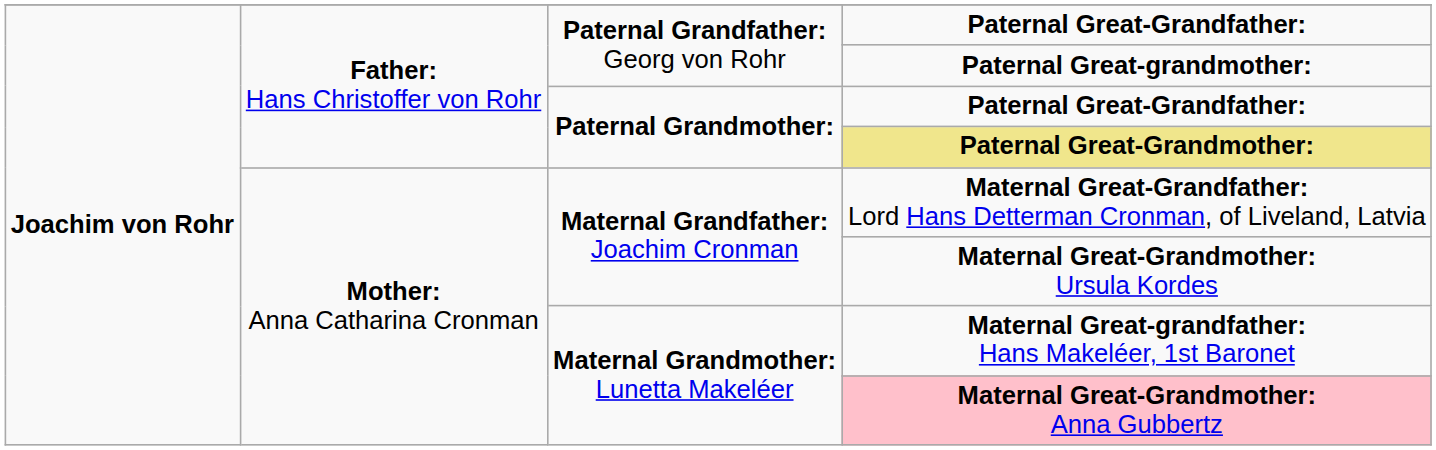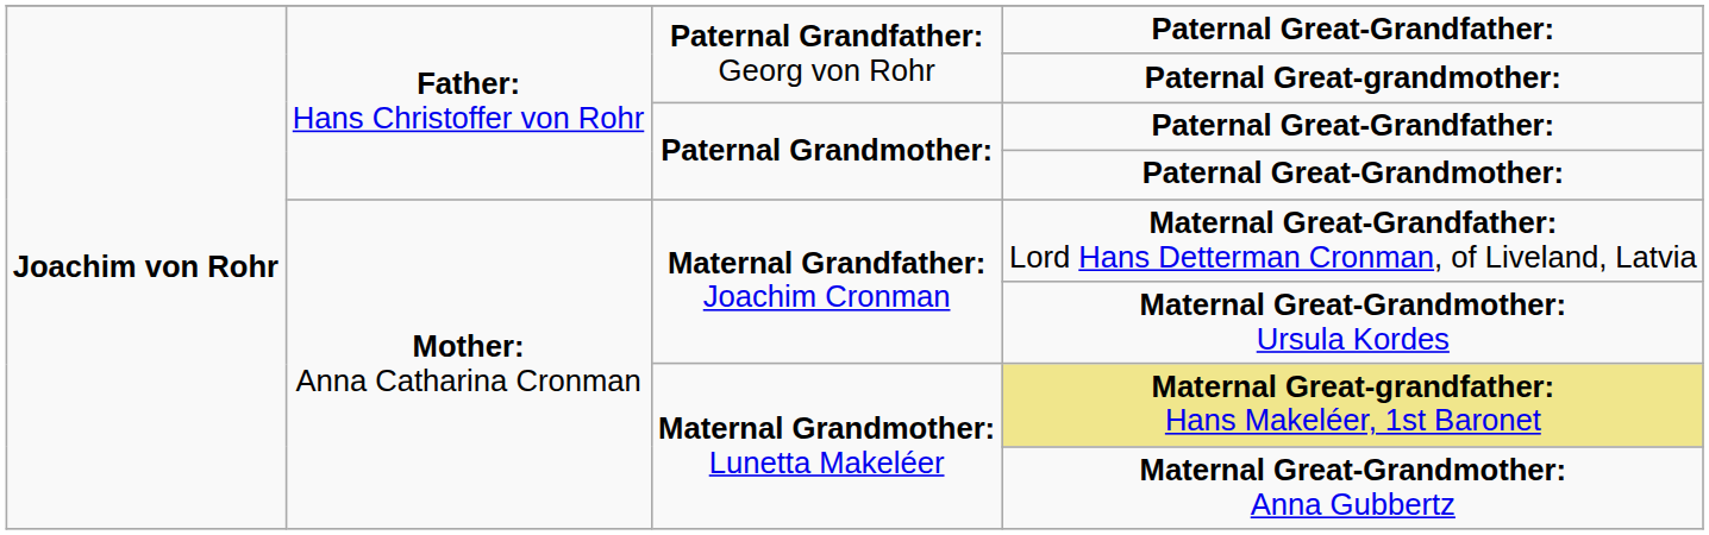 <table class="wikitable"  style="margin:1em auto;">
 <tr>
 </tr>
 <tr>
 <td rowspan="8" align="center"><strong>Joachim von Rohr</strong></td>
 <td rowspan="4" align="center"><strong>Father:</strong><br><a href='#'>Hans Christoffer von Rohr</a></td>
 <td rowspan="2" align="center"><strong>Paternal Grandfather:</strong><br>Georg von Rohr</td>
 <td align="center"><strong>Paternal Great-Grandfather:</strong><br></td>
 </tr>
 <tr>
 <td align="center"><strong>Paternal Great-grandmother:</strong><br></td>
 </tr>
 <tr>
 <td rowspan="2" align="center"><strong>Paternal Grandmother:</strong><br></td>
 <td align="center"><strong>Paternal Great-Grandfather:</strong><br></td>
 </tr>
 <tr>
-<td align="center" style="background: khaki;"><strong>Paternal Great-Grandmother:</strong><br></td>
+<td align="center"><strong>Paternal Great-Grandmother:</strong><br></td>
 </tr>
 <tr>
 <td rowspan="4" align="center"><strong>Mother:</strong><br>Anna Catharina Cronman</td>
 <td rowspan="2" align="center"><strong>Maternal Grandfather:</strong><br><a href='#'>Joachim Cronman</a></td>
 <td align="center"><strong>Maternal Great-Grandfather:</strong><br>Lord <a href='#'>Hans Detterman Cronman</a>, of Liveland, Latvia</td>
 </tr>
 <tr>
 <td align="center"><strong>Maternal Great-Grandmother:</strong><br><a href='#'>Ursula Kordes</a></td>
 </tr>
 <tr>
 <td rowspan="2" align="center"><strong>Maternal Grandmother:</strong><br><a href='#'>Lunetta Makeléer</a></td>
-<td align="center"><strong>Maternal Great-grandfather:</strong><br><a href='#'>Hans Makeléer, 1st Baronet</a></td>
+<td align="center" style="background: khaki;"><strong>Maternal Great-grandfather:</strong><br><a href='#'>Hans Makeléer, 1st Baronet</a></td>
 </tr>
 <tr>
-<td align="center" style="background: pink;"><strong>Maternal Great-Grandmother:</strong><br><a href='#'>Anna Gubbertz</a></td>
+<td align="center"><strong>Maternal Great-Grandmother:</strong><br><a href='#'>Anna Gubbertz</a></td>
 </tr>
 </table>
